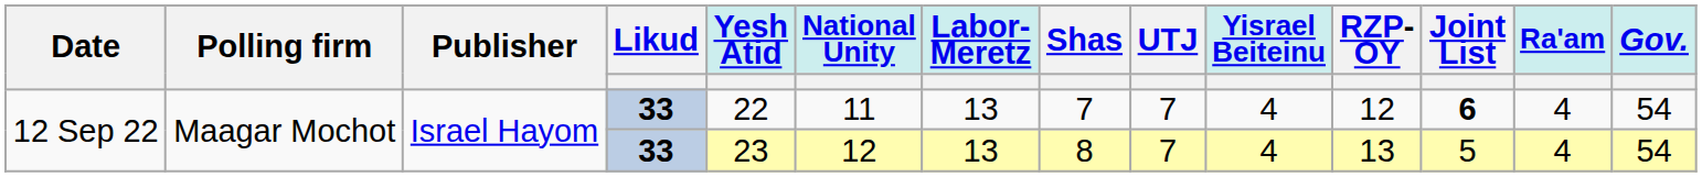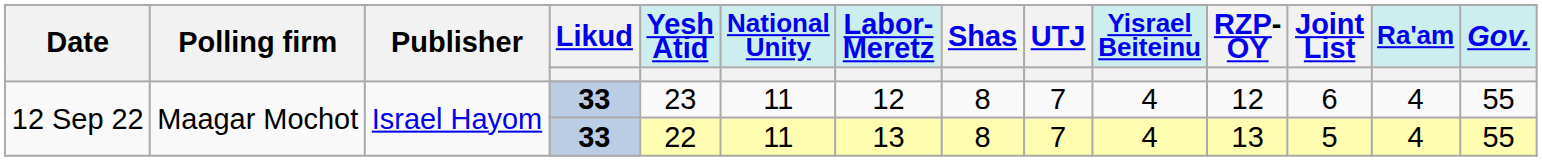 <table class="wikitable sortable" style=text-align:center;font-size:90%;line-height:12px>
 <tr>
 <th rowspan=2>Date</th>
 <th rowspan=2>Polling firm</th>
 <th rowspan=2>Publisher</th>
 <th><a href='#'>Likud</a></th>
 <th style=background:#cee><a href='#'>Yesh<br>Atid</a></th>
 <th style="background:#cee;font-size:90%"><a href='#'>National<br>Unity</a></th>
 <th style=background:#cee><a href='#'>Labor-<br>Meretz</a></th>
 <th><a href='#'>Shas</a></th>
 <th><a href='#'>UTJ</a></th>
 <th style="background:#cee; font-size:90%"><a href='#'>Yisrael<br>Beiteinu</a></th>
 <th><a href='#'>RZP</a>-<br><a href='#'>OY</a></th>
 <th><a href='#'>Joint<br>List</a></th>
 <th style="background:#cee; font-size:90%"><a href='#'>Ra'am</a></th>
 <th style=background:#cee><a href='#'><em>Gov.</em></a></th>
 </tr>
 <tr>
 <th style=background:></th>
 <th style=background:></th>
 <th style=background:></th>
 <th style=background:></th>
 <th style=background:></th>
 <th style=background:></th>
 <th style=background:></th>
 <th style=background:></th>
 <th style=background:></th>
 <th style=background:></th>
 <th style=background:></th>
 </tr>
 <tr>
 <td rowspan =2>12 Sep 22</td>
 <td rowspan =2>Maagar Mochot</td>
 <td rowspan =2><a href='#'>Israel Hayom</a></td>
 <td style="background:#BBCDE4"><strong>33</strong></td>
-<td>22</td>
+<td>23</td>
 <td>11</td>
-<td>13</td>
-<td>7</td>
+<td>12</td>
+<td>8</td>
 <td>7</td>
 <td>4</td>
 <td>12</td>
-<td><strong>6</strong></td>
+<td>6</td>
 <td>4</td>
-<td>54</td>
+<td>55</td>
 </tr>
 <tr style=background:#fffdb0>
 <td style="background:#BBCDE4"><strong>33</strong></td>
-<td>23</td>
-<td>12</td>
+<td>22</td>
+<td>11</td>
 <td>13</td>
 <td>8</td>
 <td>7</td>
 <td>4</td>
 <td>13</td>
 <td>5</td>
 <td>4</td>
-<td>54</td>
+<td>55</td>
 </tr>
 </table>
